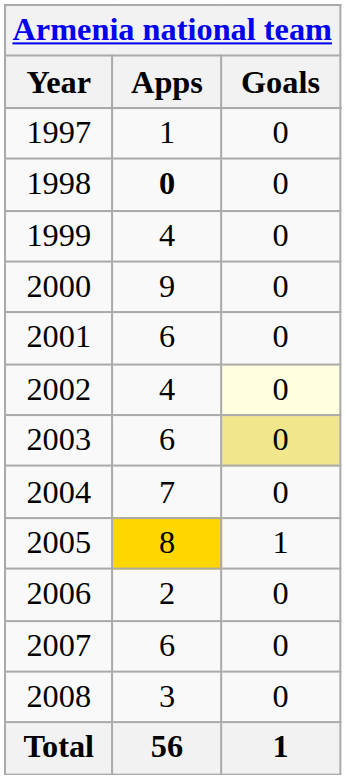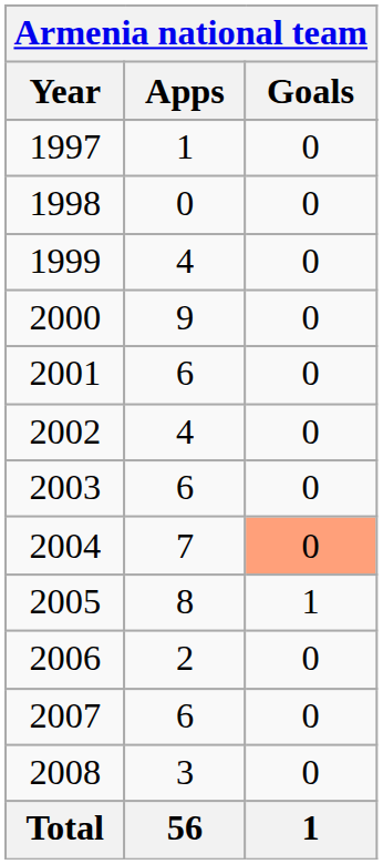 <table class="wikitable" style="text-align:center">
 <tr>
 <th colspan=3><a href='#'>Armenia national team</a></th>
 </tr>
 <tr>
 <th>Year</th>
 <th>Apps</th>
 <th>Goals</th>
 </tr>
 <tr>
 </tr>
 <tr>
 <td>1997</td>
 <td>1</td>
 <td>0</td>
 </tr>
 <tr>
 <td>1998</td>
-<td><strong>0</strong></td>
+<td>0</td>
 <td>0</td>
 </tr>
 <tr>
 <td>1999</td>
 <td>4</td>
 <td>0</td>
 </tr>
 <tr>
 <td>2000</td>
 <td>9</td>
 <td>0</td>
 </tr>
 <tr>
 <td>2001</td>
 <td>6</td>
 <td>0</td>
 </tr>
 <tr>
 <td>2002</td>
 <td>4</td>
-<td style="background: lightyellow;">0</td>
+<td>0</td>
 </tr>
 <tr>
 <td>2003</td>
 <td>6</td>
-<td style="background: khaki;">0</td>
+<td>0</td>
 </tr>
 <tr>
 <td>2004</td>
 <td>7</td>
-<td>0</td>
+<td style="background: lightsalmon;">0</td>
 </tr>
 <tr>
 <td>2005</td>
-<td style="background: gold;">8</td>
+<td>8</td>
 <td>1</td>
 </tr>
 <tr>
 <td>2006</td>
 <td>2</td>
 <td>0</td>
 </tr>
 <tr>
 <td>2007</td>
 <td>6</td>
 <td>0</td>
 </tr>
 <tr>
 <td>2008</td>
 <td>3</td>
 <td>0</td>
 </tr>
 <tr>
 <th>Total</th>
 <th>56</th>
 <th>1</th>
 </tr>
 </table>
